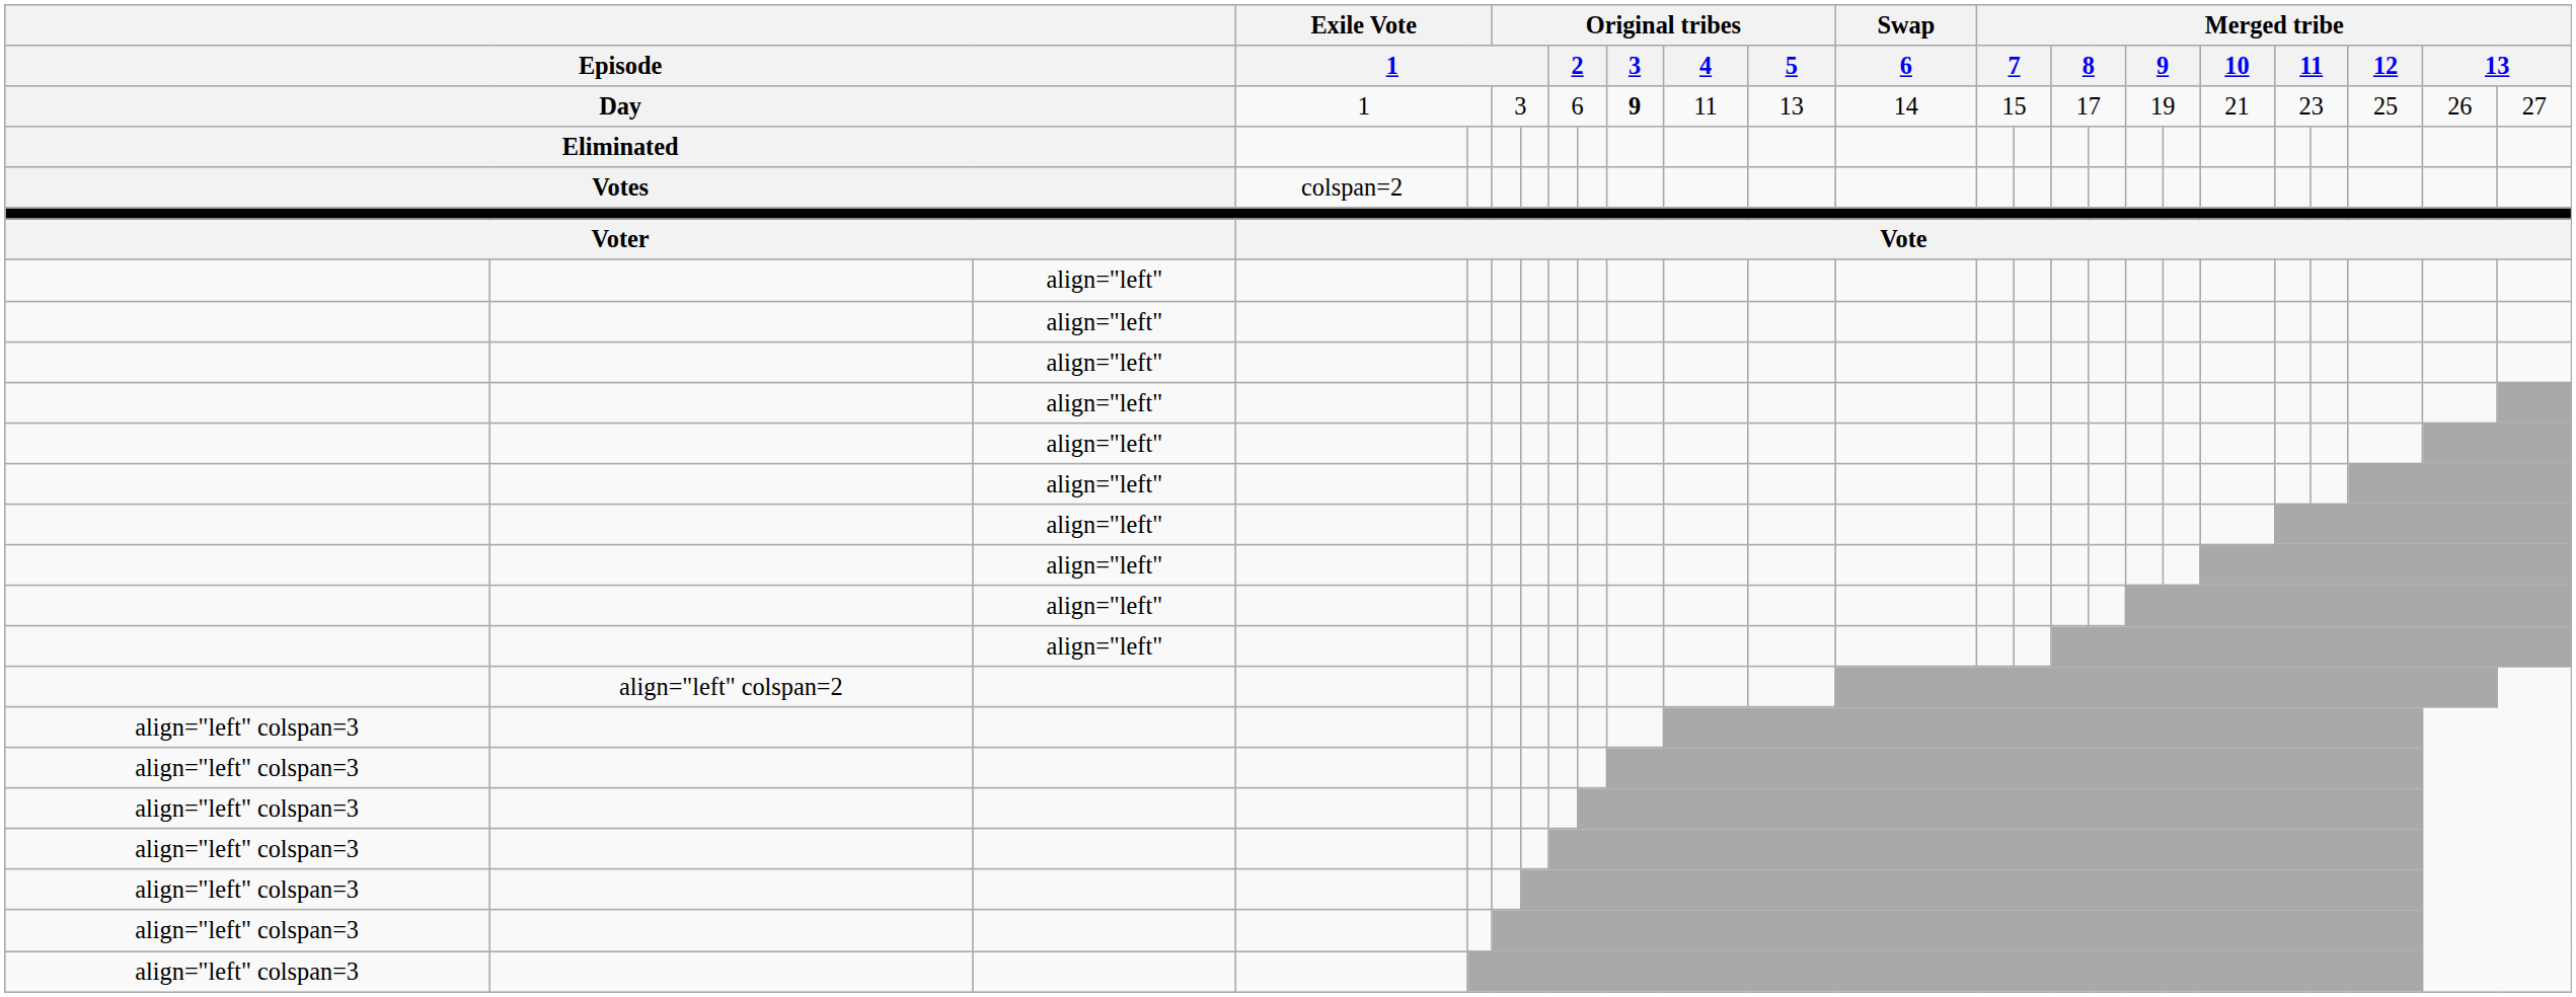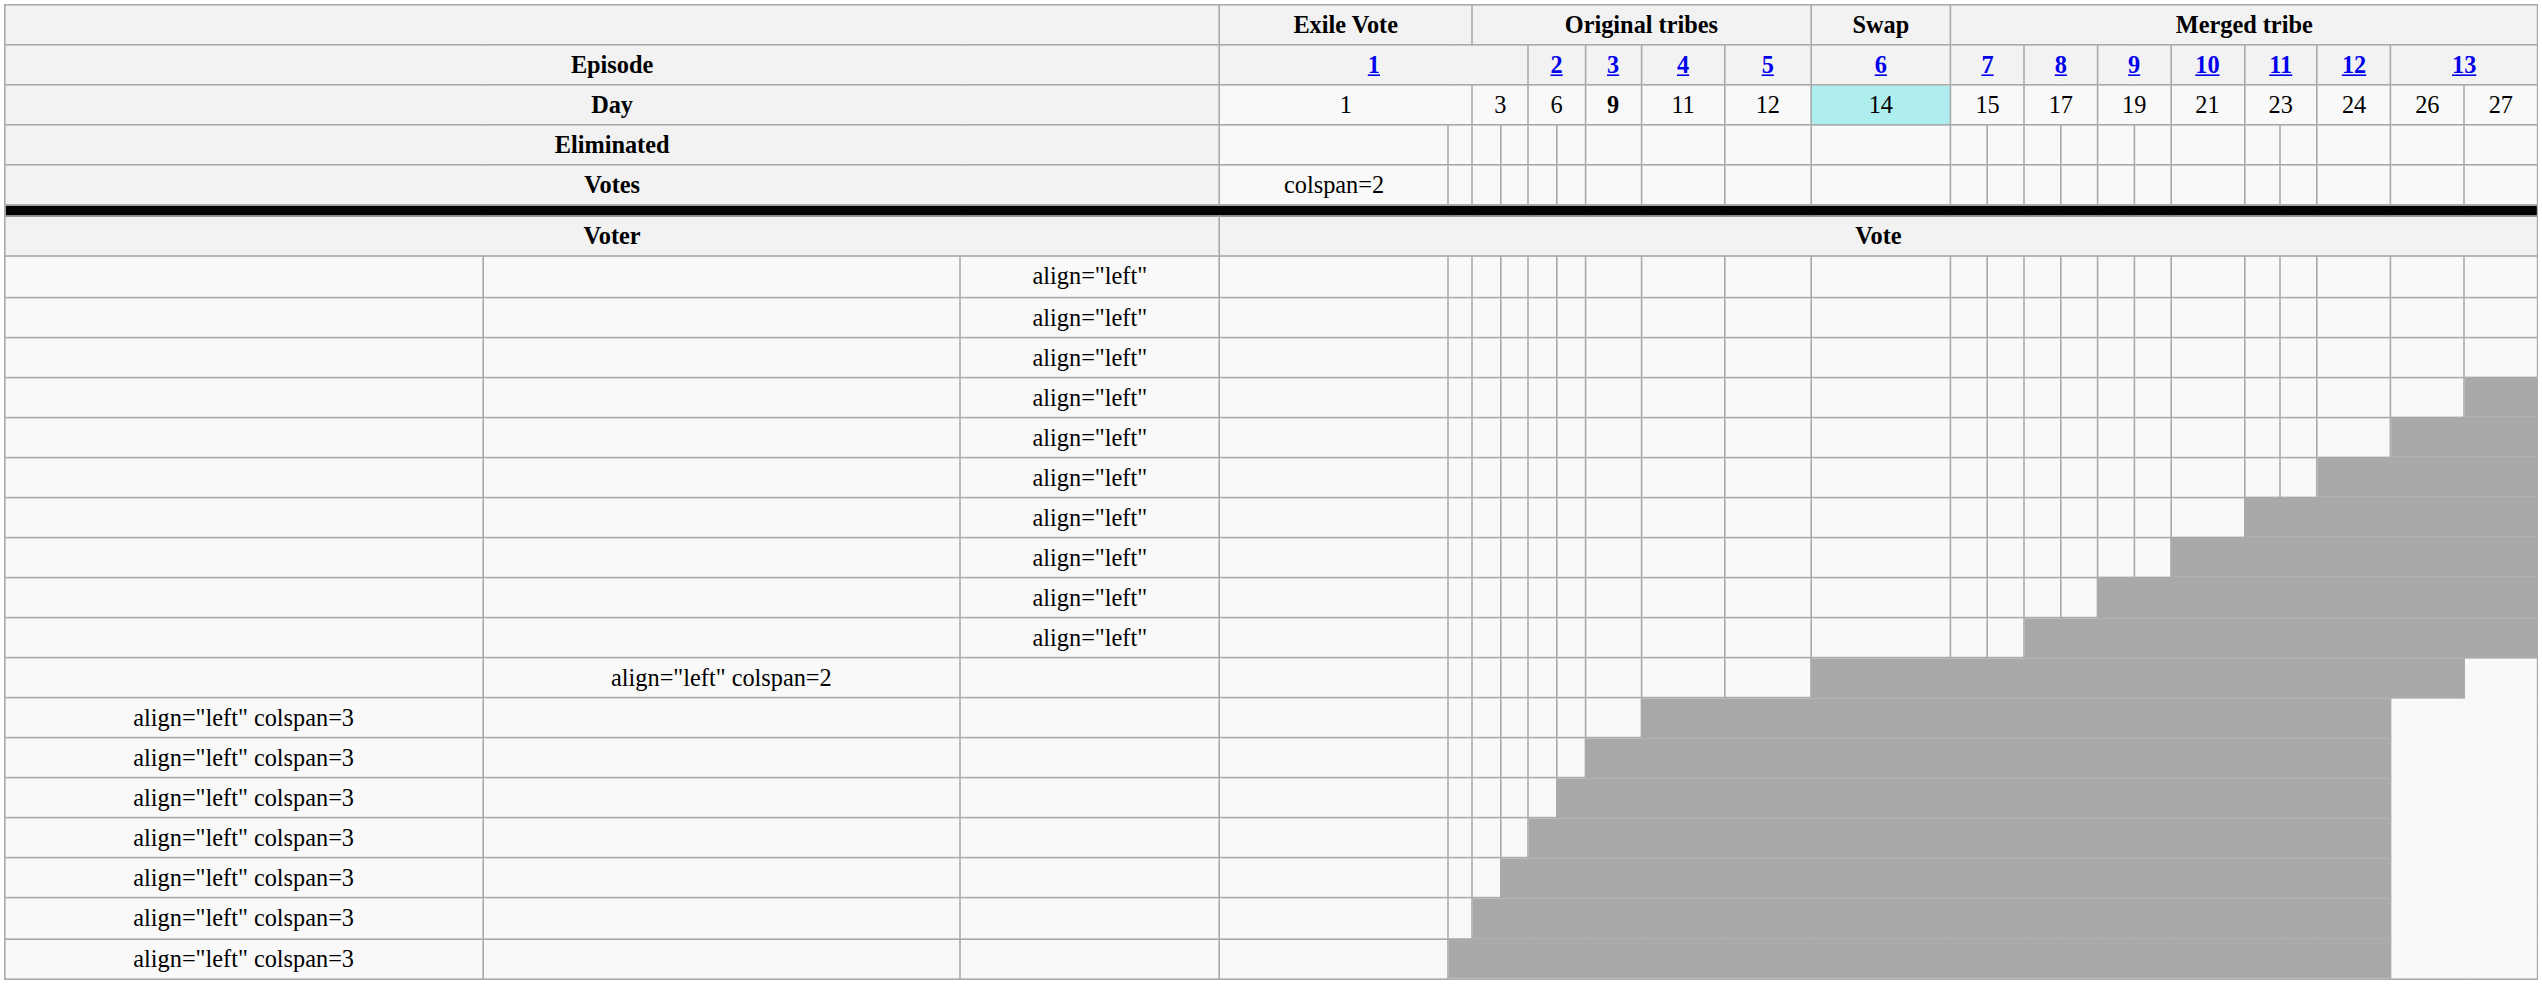 <table class="wikitable" style="text-align:center; font-size:95%; width:100%">
 <tr>
 <th colspan=3></th>
 <th colspan=2>Exile Vote</th>
 <th colspan=7>Original tribes</th>
 <th colspan=1>Swap</th>
 <th colspan=13>Merged tribe</th>
 </tr>
 <tr>
 <th colspan=3>Episode</th>
 <th colspan="4"><a href='#'>1</a></th>
 <th colspan="2"><a href='#'>2</a></th>
 <th><a href='#'>3</a></th>
 <th><a href='#'>4</a></th>
 <th><a href='#'>5</a></th>
 <th><a href='#'>6</a></th>
 <th colspan="2"><a href='#'>7</a></th>
 <th colspan="2"><a href='#'>8</a></th>
 <th colspan="2"><a href='#'>9</a></th>
 <th><a href='#'>10</a></th>
 <th colspan="2"><a href='#'>11</a></th>
 <th><a href='#'>12</a></th>
 <th colspan="2"><a href='#'>13</a></th>
 </tr>
 <tr>
 <th colspan=3>Day</th>
 <td colspan=2>1</td>
 <td colspan=2>3</td>
 <td colspan=2>6</td>
 <td><strong>9</strong></td>
 <td>11</td>
-<td>13</td>
-<td>14</td>
+<td>12</td>
+<td style="background: paleturquoise;">14</td>
 <td colspan=2>15</td>
 <td colspan=2>17</td>
 <td colspan=2>19</td>
 <td>21</td>
 <td colspan=2>23</td>
-<td>25</td>
+<td>24</td>
 <td>26</td>
 <td>27</td>
 </tr>
 <tr>
 <th colspan=3>Eliminated</th>
 <td></td>
 <td></td>
 <td></td>
 <td></td>
 <td></td>
 <td></td>
 <td></td>
 <td></td>
 <td></td>
 <td></td>
 <td></td>
 <td></td>
 <td></td>
 <td></td>
 <td></td>
 <td></td>
 <td></td>
 <td></td>
 <td></td>
 <td></td>
 <td></td>
 <td></td>
 </tr>
 <tr>
 <th colspan=3>Votes</th>
 <td>colspan=2 </td>
 <td></td>
 <td></td>
 <td></td>
 <td></td>
 <td></td>
 <td></td>
 <td></td>
 <td></td>
 <td></td>
 <td></td>
 <td></td>
 <td></td>
 <td></td>
 <td></td>
 <td></td>
 <td></td>
 <td></td>
 <td></td>
 <td></td>
 <td></td>
 </tr>
 <tr>
 <td colspan=25 bgcolor=black></td>
 </tr>
 <tr>
 <th colspan=3 align="left">Voter</th>
 <th colspan=22>Vote</th>
 </tr>
 <tr>
 <td></td>
 <td></td>
 <td>align="left" </td>
 <td></td>
 <td></td>
 <td></td>
 <td></td>
 <td></td>
 <td></td>
 <td></td>
 <td></td>
 <td></td>
 <td></td>
 <td></td>
 <td></td>
 <td></td>
 <td></td>
 <td></td>
 <td></td>
 <td></td>
 <td></td>
 <td></td>
 <td></td>
 <td></td>
 <td></td>
 </tr>
 <tr>
 <td></td>
 <td></td>
 <td>align="left" </td>
 <td></td>
 <td></td>
 <td></td>
 <td></td>
 <td></td>
 <td></td>
 <td></td>
 <td></td>
 <td></td>
 <td></td>
 <td></td>
 <td></td>
 <td></td>
 <td></td>
 <td></td>
 <td></td>
 <td></td>
 <td></td>
 <td></td>
 <td></td>
 <td></td>
 <td></td>
 </tr>
 <tr>
 <td></td>
 <td></td>
 <td>align="left" </td>
 <td></td>
 <td></td>
 <td></td>
 <td></td>
 <td></td>
 <td></td>
 <td></td>
 <td></td>
 <td></td>
 <td></td>
 <td></td>
 <td></td>
 <td></td>
 <td></td>
 <td></td>
 <td></td>
 <td></td>
 <td></td>
 <td></td>
 <td></td>
 <td></td>
 <td></td>
 </tr>
 <tr>
 <td></td>
 <td></td>
 <td>align="left" </td>
 <td></td>
 <td></td>
 <td></td>
 <td></td>
 <td></td>
 <td></td>
 <td></td>
 <td></td>
 <td></td>
 <td></td>
 <td></td>
 <td></td>
 <td></td>
 <td></td>
 <td></td>
 <td></td>
 <td></td>
 <td></td>
 <td></td>
 <td></td>
 <td></td>
 <td bgcolor="darkgray" colspan=1></td>
 </tr>
 <tr>
 <td></td>
 <td></td>
 <td>align="left" </td>
 <td></td>
 <td></td>
 <td></td>
 <td></td>
 <td></td>
 <td></td>
 <td></td>
 <td></td>
 <td></td>
 <td></td>
 <td></td>
 <td></td>
 <td></td>
 <td></td>
 <td></td>
 <td></td>
 <td></td>
 <td></td>
 <td></td>
 <td></td>
 <td bgcolor="darkgray" colspan=2></td>
 </tr>
 <tr>
 <td></td>
 <td></td>
 <td>align="left" </td>
 <td></td>
 <td></td>
 <td></td>
 <td></td>
 <td></td>
 <td></td>
 <td></td>
 <td></td>
 <td></td>
 <td></td>
 <td></td>
 <td></td>
 <td></td>
 <td></td>
 <td></td>
 <td></td>
 <td></td>
 <td></td>
 <td></td>
 <td bgcolor="darkgray" colspan=3></td>
 </tr>
 <tr>
 <td></td>
 <td></td>
 <td>align="left" </td>
 <td></td>
 <td></td>
 <td></td>
 <td></td>
 <td></td>
 <td></td>
 <td></td>
 <td></td>
 <td></td>
 <td></td>
 <td></td>
 <td></td>
 <td></td>
 <td></td>
 <td></td>
 <td></td>
 <td></td>
 <td bgcolor="darkgray" colspan=5></td>
 </tr>
 <tr>
 <td></td>
 <td></td>
 <td>align="left" </td>
 <td></td>
 <td></td>
 <td></td>
 <td></td>
 <td></td>
 <td></td>
 <td></td>
 <td></td>
 <td></td>
 <td></td>
 <td></td>
 <td></td>
 <td></td>
 <td></td>
 <td></td>
 <td></td>
 <td bgcolor="darkgray" colspan=6></td>
 </tr>
 <tr>
 <td></td>
 <td></td>
 <td>align="left" </td>
 <td></td>
 <td></td>
 <td></td>
 <td></td>
 <td></td>
 <td></td>
 <td></td>
 <td></td>
 <td></td>
 <td></td>
 <td></td>
 <td></td>
 <td></td>
 <td></td>
 <td bgcolor="darkgray" colspan=8></td>
 </tr>
 <tr>
 <td></td>
 <td></td>
 <td>align="left" </td>
 <td></td>
 <td></td>
 <td></td>
 <td></td>
 <td></td>
 <td></td>
 <td></td>
 <td></td>
 <td></td>
 <td></td>
 <td></td>
 <td></td>
 <td bgcolor="darkgray" colspan=10></td>
 </tr>
 <tr>
 <td></td>
 <td>align="left" colspan=2 </td>
 <td></td>
 <td></td>
 <td></td>
 <td></td>
 <td></td>
 <td></td>
 <td></td>
 <td></td>
 <td></td>
 <td></td>
 <td bgcolor="darkgray" colspan=12></td>
 </tr>
 <tr>
 <td>align="left" colspan=3 </td>
 <td></td>
 <td></td>
 <td></td>
 <td></td>
 <td></td>
 <td></td>
 <td></td>
 <td></td>
 <td></td>
 <td bgcolor="darkgray" colspan=13></td>
 </tr>
 <tr>
 <td>align="left" colspan=3 </td>
 <td></td>
 <td></td>
 <td></td>
 <td></td>
 <td></td>
 <td></td>
 <td></td>
 <td></td>
 <td bgcolor="darkgray" colspan=14></td>
 </tr>
 <tr>
 <td>align="left" colspan=3 </td>
 <td></td>
 <td></td>
 <td></td>
 <td></td>
 <td></td>
 <td></td>
 <td></td>
 <td bgcolor="darkgray" colspan=15></td>
 </tr>
 <tr>
 <td>align="left" colspan=3 </td>
 <td></td>
 <td></td>
 <td></td>
 <td></td>
 <td></td>
 <td></td>
 <td bgcolor="darkgray" colspan=16></td>
 </tr>
 <tr>
 <td>align="left" colspan=3 </td>
 <td></td>
 <td></td>
 <td></td>
 <td></td>
 <td></td>
 <td bgcolor="darkgray" colspan=17></td>
 </tr>
 <tr>
 <td>align="left" colspan=3 </td>
 <td></td>
 <td></td>
 <td></td>
 <td></td>
 <td bgcolor="darkgray" colspan=18></td>
 </tr>
 <tr>
 <td>align="left" colspan=3 </td>
 <td></td>
 <td></td>
 <td></td>
 <td bgcolor="darkgray" colspan=19></td>
 </tr>
 </table>
